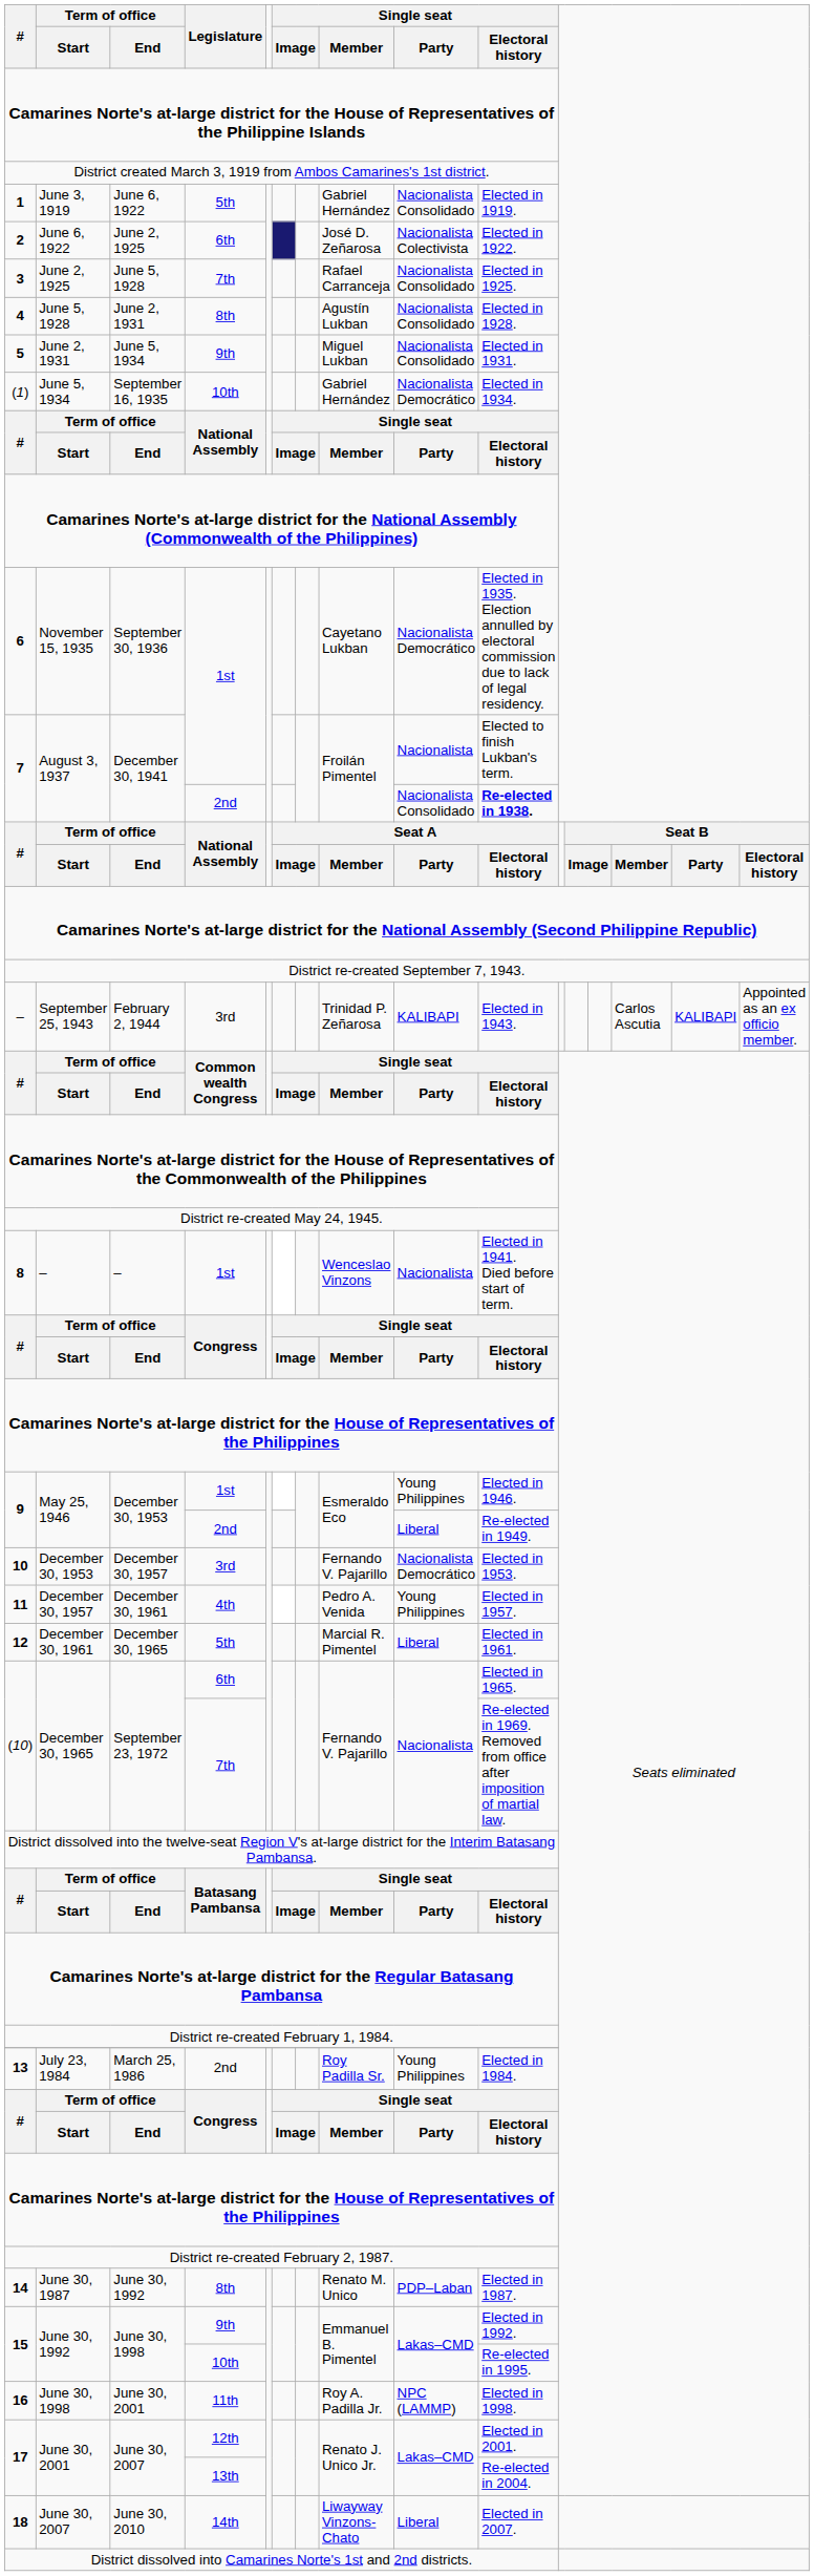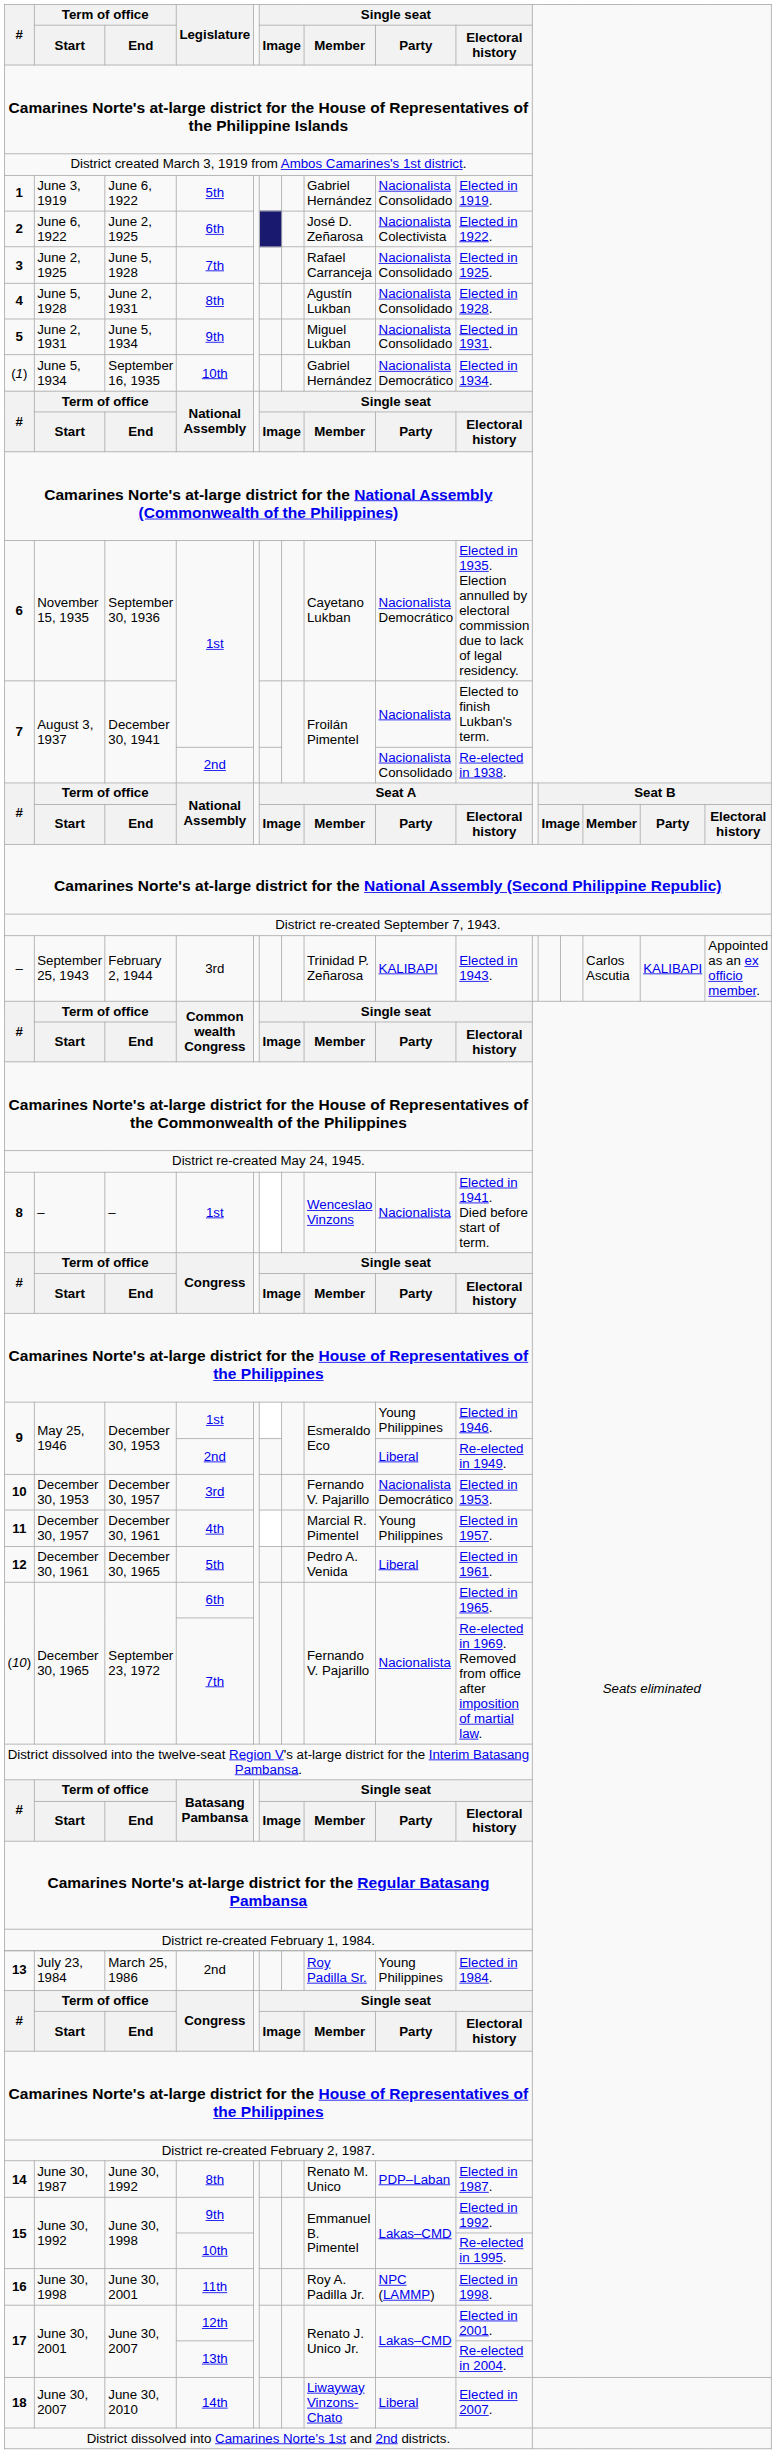 <table class=wikitable>
 <tr>
 <th rowspan=2>#</th>
 <th colspan=2>Term of office</th>
 <th rowspan=2>Legislature</th>
 <td rowspan=2></td>
 <th colspan=5>Single seat</th>
 </tr>
 <tr style="height:3em">
 <th>Start</th>
 <th>End</th>
 <th colspan="2" style="text-align:center;">Image</th>
 <th>Member</th>
 <th>Party</th>
 <th>Electoral history</th>
 </tr>
 <tr>
 <td colspan="10" style="text-align:center;"><br><h3>Camarines Norte's at-large district for the House of Representatives of the Philippine Islands</h3></td>
 </tr>
 <tr>
 <td colspan="10" style="text-align:center;">District created March 3, 1919 from <a href='#'>Ambos Camarines's 1st district</a>.</td>
 </tr>
 <tr>
 <td style="text-align:center;"><strong>1</strong></td>
 <td>June 3, 1919</td>
 <td>June 6, 1922</td>
 <td style="text-align:center;"><a href='#'>5th</a></td>
 <td rowspan=6></td>
 <td style="color:inherit;background:"></td>
 <td></td>
 <td>Gabriel Hernández</td>
 <td><a href='#'>Nacionalista</a><br>Consolidado</td>
 <td><a href='#'>Elected in 1919</a>.</td>
 </tr>
 <tr>
 <td style="text-align:center;"><strong>2</strong></td>
 <td>June 6, 1922</td>
 <td>June 2, 1925</td>
 <td style="text-align:center;"><a href='#'>6th</a></td>
 <td style="background-color:#191970"></td>
 <td></td>
 <td>José D. Zeñarosa</td>
 <td><a href='#'>Nacionalista</a><br>Colectivista</td>
 <td><a href='#'>Elected in 1922</a>.</td>
 </tr>
 <tr>
 <td style="text-align:center;"><strong>3</strong></td>
 <td>June 2, 1925</td>
 <td>June 5, 1928</td>
 <td style="text-align:center;"><a href='#'>7th</a></td>
 <td style="color:inherit;background:"></td>
 <td></td>
 <td>Rafael Carranceja</td>
 <td><a href='#'>Nacionalista</a><br>Consolidado</td>
 <td><a href='#'>Elected in 1925</a>.</td>
 </tr>
 <tr>
 <td style="text-align:center;"><strong>4</strong></td>
 <td>June 5, 1928</td>
 <td>June 2, 1931</td>
 <td style="text-align:center;"><a href='#'>8th</a></td>
 <td style="color:inherit;background:"></td>
 <td></td>
 <td>Agustín Lukban</td>
 <td><a href='#'>Nacionalista</a><br>Consolidado</td>
 <td><a href='#'>Elected in 1928</a>.</td>
 </tr>
 <tr>
 <td style="text-align:center;"><strong>5</strong></td>
 <td>June 2, 1931</td>
 <td>June 5, 1934</td>
 <td style="text-align:center;"><a href='#'>9th</a></td>
 <td style="color:inherit;background:"></td>
 <td></td>
 <td>Miguel Lukban</td>
 <td><a href='#'>Nacionalista</a><br>Consolidado</td>
 <td><a href='#'>Elected in 1931</a>.</td>
 </tr>
 <tr>
 <td style="text-align:center;">(<em>1</em>)</td>
 <td>June 5, 1934</td>
 <td>September 16, 1935</td>
 <td style="text-align:center;"><a href='#'>10th</a></td>
 <td style="color:inherit;background:"></td>
 <td></td>
 <td>Gabriel Hernández</td>
 <td><a href='#'>Nacionalista</a><br>Democrático</td>
 <td><a href='#'>Elected in 1934</a>.</td>
 </tr>
 <tr>
 <th rowspan=2>#</th>
 <th colspan=2>Term of office</th>
 <th rowspan=2>National<br>Assembly</th>
 <td rowspan=2></td>
 <th colspan=5>Single seat</th>
 </tr>
 <tr style="height:3em">
 <th>Start</th>
 <th>End</th>
 <th colspan="2" style="text-align:center;">Image</th>
 <th>Member</th>
 <th>Party</th>
 <th>Electoral history</th>
 </tr>
 <tr>
 <td colspan="10" style="text-align:center;"><br><h3>Camarines Norte's at-large district for the <a href='#'>National Assembly (Commonwealth of the Philippines)</a></h3></td>
 </tr>
 <tr>
 <td style="text-align:center;"><strong>6</strong></td>
 <td>November 15, 1935</td>
 <td>September 30, 1936</td>
 <td rowspan="2" style="text-align:center;"><a href='#'>1st</a></td>
 <td rowspan=3></td>
 <td style="color:inherit;background:"></td>
 <td></td>
 <td>Cayetano Lukban</td>
 <td><a href='#'>Nacionalista</a><br>Democrático</td>
 <td><a href='#'>Elected in 1935</a>.<br>Election annulled by electoral commission due to lack of legal residency.</td>
 </tr>
 <tr>
 <td rowspan="2" style="text-align:center;"><strong>7</strong></td>
 <td rowspan="2">August 3, 1937</td>
 <td rowspan="2">December 30, 1941</td>
 <td style="color:inherit;background:"></td>
 <td rowspan="2"></td>
 <td rowspan="2">Froilán Pimentel</td>
 <td><a href='#'>Nacionalista</a></td>
 <td>Elected to finish Lukban's term.</td>
 </tr>
 <tr>
 <td style="text-align:center;"><a href='#'>2nd</a></td>
 <td style="color:inherit;background:"></td>
 <td><a href='#'>Nacionalista</a><br>Consolidado</td>
-<td><strong><a href='#'>Re-elected in 1938</a>.</strong></td>
+<td><a href='#'>Re-elected in 1938</a>.</td>
 </tr>
 <tr>
 <th rowspan=2>#</th>
 <th colspan=2>Term of office</th>
 <th rowspan=2>National<br>Assembly</th>
 <td rowspan=2></td>
 <th colspan=5>Seat A</th>
 <td rowspan=2></td>
 <th colspan=5>Seat B</th>
 </tr>
 <tr style="height:3em">
 <th>Start</th>
 <th>End</th>
 <th colspan="2" style="text-align:center;">Image</th>
 <th>Member</th>
 <th>Party</th>
 <th>Electoral history</th>
 <th colspan="2" style="text-align:center;">Image</th>
 <th>Member</th>
 <th>Party</th>
 <th>Electoral history</th>
 </tr>
 <tr>
 <td colspan="16" style="text-align:center;"><br><h3>Camarines Norte's at-large district for the <a href='#'>National Assembly (Second Philippine Republic)</a></h3></td>
 </tr>
 <tr>
 <td colspan="16" style="text-align:center;">District re-created September 7, 1943.</td>
 </tr>
 <tr>
 <td style="text-align:center;">–</td>
 <td>September 25, 1943</td>
 <td>February 2, 1944</td>
 <td style="text-align:center;">3rd</td>
 <td></td>
 <td style="color:inherit;background:"></td>
 <td></td>
 <td>Trinidad P. Zeñarosa</td>
 <td><a href='#'>KALIBAPI</a></td>
 <td><a href='#'>Elected in 1943</a>.</td>
 <td></td>
 <td style="color:inherit;background:"></td>
 <td></td>
 <td>Carlos Ascutia</td>
 <td><a href='#'>KALIBAPI</a></td>
 <td>Appointed as an <a href='#'>ex officio member</a>.</td>
 </tr>
 <tr>
 <th rowspan=2>#</th>
 <th colspan=2>Term of office</th>
 <th rowspan=2>Common<br>wealth<br>Congress</th>
 <td rowspan=2></td>
 <th colspan=5>Single seat</th>
 <td rowspan=32 colspan=6 style="text-align:center;"><em>Seats eliminated</em></td>
 </tr>
 <tr style="height:3em">
 <th>Start</th>
 <th>End</th>
 <th colspan="2" style="text-align:center;">Image</th>
 <th>Member</th>
 <th>Party</th>
 <th>Electoral history</th>
 </tr>
 <tr>
 <td colspan="10" style="text-align:center;"><br><h3>Camarines Norte's at-large district for the House of Representatives of the Commonwealth of the Philippines</h3></td>
 </tr>
 <tr>
 <td colspan="10" style="text-align:center;">District re-created May 24, 1945.</td>
 </tr>
 <tr>
 <td style="text-align:center;"><strong>8</strong></td>
 <td>–</td>
 <td>–</td>
 <td style="text-align:center;"><a href='#'>1st</a></td>
 <td></td>
 <td style="background-color:#FFFFFF"></td>
 <td></td>
 <td><a href='#'>Wenceslao Vinzons</a></td>
 <td><a href='#'>Nacionalista</a></td>
 <td><a href='#'>Elected in 1941</a>.<br>Died before start of term.</td>
 </tr>
 <tr>
 <th rowspan=2>#</th>
 <th colspan=2>Term of office</th>
 <th rowspan=2>Congress</th>
 <td rowspan=2></td>
 <th colspan=5>Single seat</th>
 </tr>
 <tr style="height:3em">
 <th>Start</th>
 <th>End</th>
 <th colspan="2" style="text-align:center;">Image</th>
 <th>Member</th>
 <th>Party</th>
 <th>Electoral history</th>
 </tr>
 <tr>
 <td colspan="10" style="text-align:center;"><br><h3>Camarines Norte's at-large district for the <a href='#'>House of Representatives of the Philippines</a></h3></td>
 </tr>
 <tr>
 <td rowspan="2" style="text-align:center;"><strong>9</strong></td>
 <td rowspan="2">May 25, 1946</td>
 <td rowspan="2">December 30, 1953</td>
 <td style="text-align:center;"><a href='#'>1st</a></td>
 <td rowspan=7></td>
 <td style="background-color:#FFFFFF"></td>
 <td rowspan="2"></td>
 <td rowspan="2">Esmeraldo Eco</td>
 <td>Young Philippines</td>
 <td><a href='#'>Elected in 1946</a>.</td>
 </tr>
 <tr>
 <td style="text-align:center;"><a href='#'>2nd</a></td>
 <td style="color:inherit;background:"></td>
 <td><a href='#'>Liberal</a></td>
 <td><a href='#'>Re-elected in 1949</a>.</td>
 </tr>
 <tr>
 <td style="text-align:center;"><strong>10</strong></td>
 <td>December 30, 1953</td>
 <td>December 30, 1957</td>
 <td style="text-align:center;"><a href='#'>3rd</a></td>
 <td style="color:inherit;background:"></td>
 <td></td>
 <td>Fernando V. Pajarillo</td>
 <td><a href='#'>Nacionalista</a><br>Democrático</td>
 <td><a href='#'>Elected in 1953</a>.</td>
 </tr>
 <tr>
 <td style="text-align:center;"><strong>11</strong></td>
 <td>December 30, 1957</td>
 <td>December 30, 1961</td>
 <td style="text-align:center;"><a href='#'>4th</a></td>
 <td style="background-color:#FFFFFF"></td>
 <td></td>
-<td>Pedro A. Venida</td>
+<td>Marcial R. Pimentel</td>
 <td>Young Philippines</td>
 <td><a href='#'>Elected in 1957</a>.</td>
 </tr>
 <tr>
 <td style="text-align:center;"><strong>12</strong></td>
 <td>December 30, 1961</td>
 <td>December 30, 1965</td>
 <td style="text-align:center;"><a href='#'>5th</a></td>
 <td style="color:inherit;background:"></td>
 <td></td>
-<td>Marcial R. Pimentel</td>
+<td>Pedro A. Venida</td>
 <td><a href='#'>Liberal</a></td>
 <td><a href='#'>Elected in 1961</a>.</td>
 </tr>
 <tr>
 <td rowspan="2" style="text-align:center;">(<em>10</em>)</td>
 <td rowspan="2">December 30, 1965</td>
 <td rowspan="2">September 23, 1972</td>
 <td style="text-align:center;"><a href='#'>6th</a></td>
 <td rowspan="2" style="color:inherit;background:"></td>
 <td rowspan="2"></td>
 <td rowspan="2">Fernando V. Pajarillo</td>
 <td rowspan="2"><a href='#'>Nacionalista</a></td>
 <td><a href='#'>Elected in 1965</a>.</td>
 </tr>
 <tr>
 <td style="text-align:center;"><a href='#'>7th</a></td>
 <td><a href='#'>Re-elected in 1969</a>.<br>Removed from office after <a href='#'>imposition of martial law</a>.</td>
 </tr>
 <tr>
 <td colspan="10" style="text-align:center;">District dissolved into the twelve-seat <a href='#'>Region V</a>'s at-large district for the <a href='#'>Interim Batasang Pambansa</a>.</td>
 </tr>
 <tr>
 <th rowspan=2>#</th>
 <th colspan=2>Term of office</th>
 <th rowspan=2>Batasang<br>Pambansa</th>
 <td rowspan=2></td>
 <th colspan=5>Single seat</th>
 </tr>
 <tr style="height:3em">
 <th>Start</th>
 <th>End</th>
 <th colspan="2" style="text-align:center;">Image</th>
 <th>Member</th>
 <th>Party</th>
 <th>Electoral history</th>
 </tr>
 <tr>
 <td colspan="10" style="text-align:center;"><br><h3>Camarines Norte's at-large district for the <a href='#'>Regular Batasang Pambansa</a></h3></td>
 </tr>
 <tr>
 <td colspan="10" style="text-align:center;">District re-created February 1, 1984.</td>
 </tr>
 <tr>
 </tr>
 <tr style="height:3em">
 <td style="text-align:center;"><strong>13</strong></td>
 <td>July 23, 1984</td>
 <td>March 25, 1986</td>
 <td style="text-align:center;">2nd</td>
 <td></td>
 <td style="color:inherit;background:"></td>
 <td></td>
 <td><a href='#'>Roy Padilla Sr.</a></td>
 <td>Young Philippines</td>
 <td><a href='#'>Elected in 1984</a>.</td>
 </tr>
 <tr>
 <th rowspan=2>#</th>
 <th colspan=2>Term of office</th>
 <th rowspan=2>Congress</th>
 <td rowspan=2></td>
 <th colspan=5>Single seat</th>
 </tr>
 <tr style="height:3em">
 <th>Start</th>
 <th>End</th>
 <th colspan="2" style="text-align:center;">Image</th>
 <th>Member</th>
 <th>Party</th>
 <th>Electoral history</th>
 </tr>
 <tr>
 <td colspan="10" style="text-align:center;"><br><h3>Camarines Norte's at-large district for the <a href='#'>House of Representatives of the Philippines</a></h3></td>
 </tr>
 <tr>
 <td colspan="10" style="text-align:center;">District re-created February 2, 1987.</td>
 </tr>
 <tr>
 <td style="text-align:center;"><strong>14</strong></td>
 <td>June 30, 1987</td>
 <td>June 30, 1992</td>
 <td style="text-align:center;"><a href='#'>8th</a></td>
 <td rowspan=7></td>
 <td style="color:inherit;background:"></td>
 <td></td>
 <td>Renato M. Unico</td>
 <td><a href='#'>PDP–Laban</a></td>
 <td><a href='#'>Elected in 1987</a>.</td>
 </tr>
 <tr>
 <td rowspan="2" style="text-align:center;"><strong>15</strong></td>
 <td rowspan="2">June 30, 1992</td>
 <td rowspan="2">June 30, 1998</td>
 <td style="text-align:center;"><a href='#'>9th</a></td>
 <td rowspan="2" style="color:inherit;background:"></td>
 <td rowspan="2"></td>
 <td rowspan="2">Emmanuel B. Pimentel</td>
 <td rowspan="2"><a href='#'>Lakas–CMD</a></td>
 <td><a href='#'>Elected in 1992</a>.</td>
 </tr>
 <tr>
 <td style="text-align:center;"><a href='#'>10th</a></td>
 <td><a href='#'>Re-elected in 1995</a>.</td>
 </tr>
 <tr>
 <td style="text-align:center;"><strong>16</strong></td>
 <td>June 30, 1998</td>
 <td>June 30, 2001</td>
 <td style="text-align:center;"><a href='#'>11th</a></td>
 <td style="color:inherit;background:"></td>
 <td></td>
 <td>Roy A. Padilla Jr.</td>
 <td><a href='#'>NPC</a> (<a href='#'>LAMMP</a>)</td>
 <td><a href='#'>Elected in 1998</a>.</td>
 </tr>
 <tr>
 <td rowspan="2" style="text-align:center;"><strong>17</strong></td>
 <td rowspan="2">June 30, 2001</td>
 <td rowspan="2">June 30, 2007</td>
 <td style="text-align:center;"><a href='#'>12th</a></td>
 <td rowspan="2" style="color:inherit;background:"></td>
 <td rowspan="2"></td>
 <td rowspan="2">Renato J. Unico Jr.</td>
 <td rowspan="2"><a href='#'>Lakas–CMD</a></td>
 <td><a href='#'>Elected in 2001</a>.</td>
 </tr>
 <tr>
 <td style="text-align:center;"><a href='#'>13th</a></td>
 <td><a href='#'>Re-elected in 2004</a>.</td>
 </tr>
 <tr>
 <td style="text-align:center;"><strong>18</strong></td>
 <td>June 30, 2007</td>
 <td>June 30, 2010</td>
 <td style="text-align:center;"><a href='#'>14th</a></td>
 <td style="color:inherit;background:"></td>
 <td></td>
 <td><a href='#'>Liwayway Vinzons-Chato</a></td>
 <td><a href='#'>Liberal</a></td>
 <td><a href='#'>Elected in 2007</a>.</td>
 </tr>
 <tr>
 <td colspan="10" style="text-align:center;">District dissolved into <a href='#'>Camarines Norte's 1st</a> and <a href='#'>2nd</a> districts.</td>
 <td colspan="6"></td>
 </tr>
 </table>
